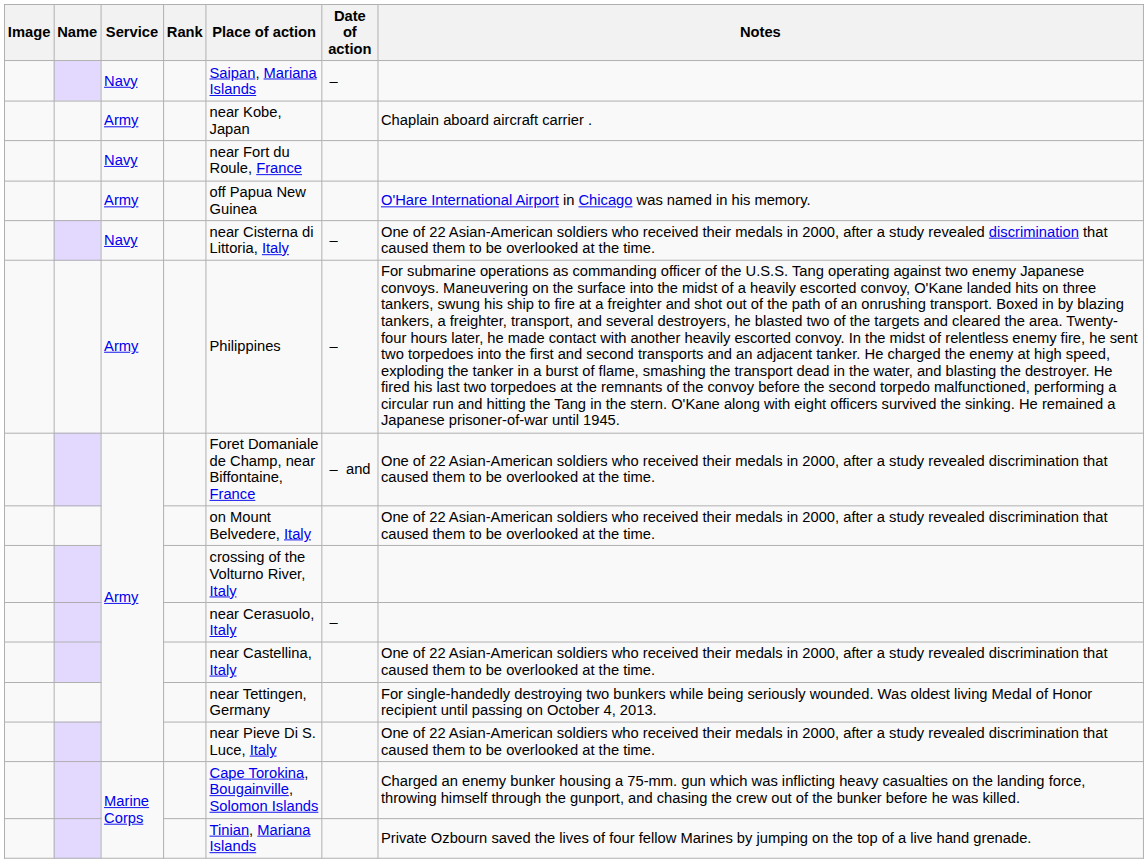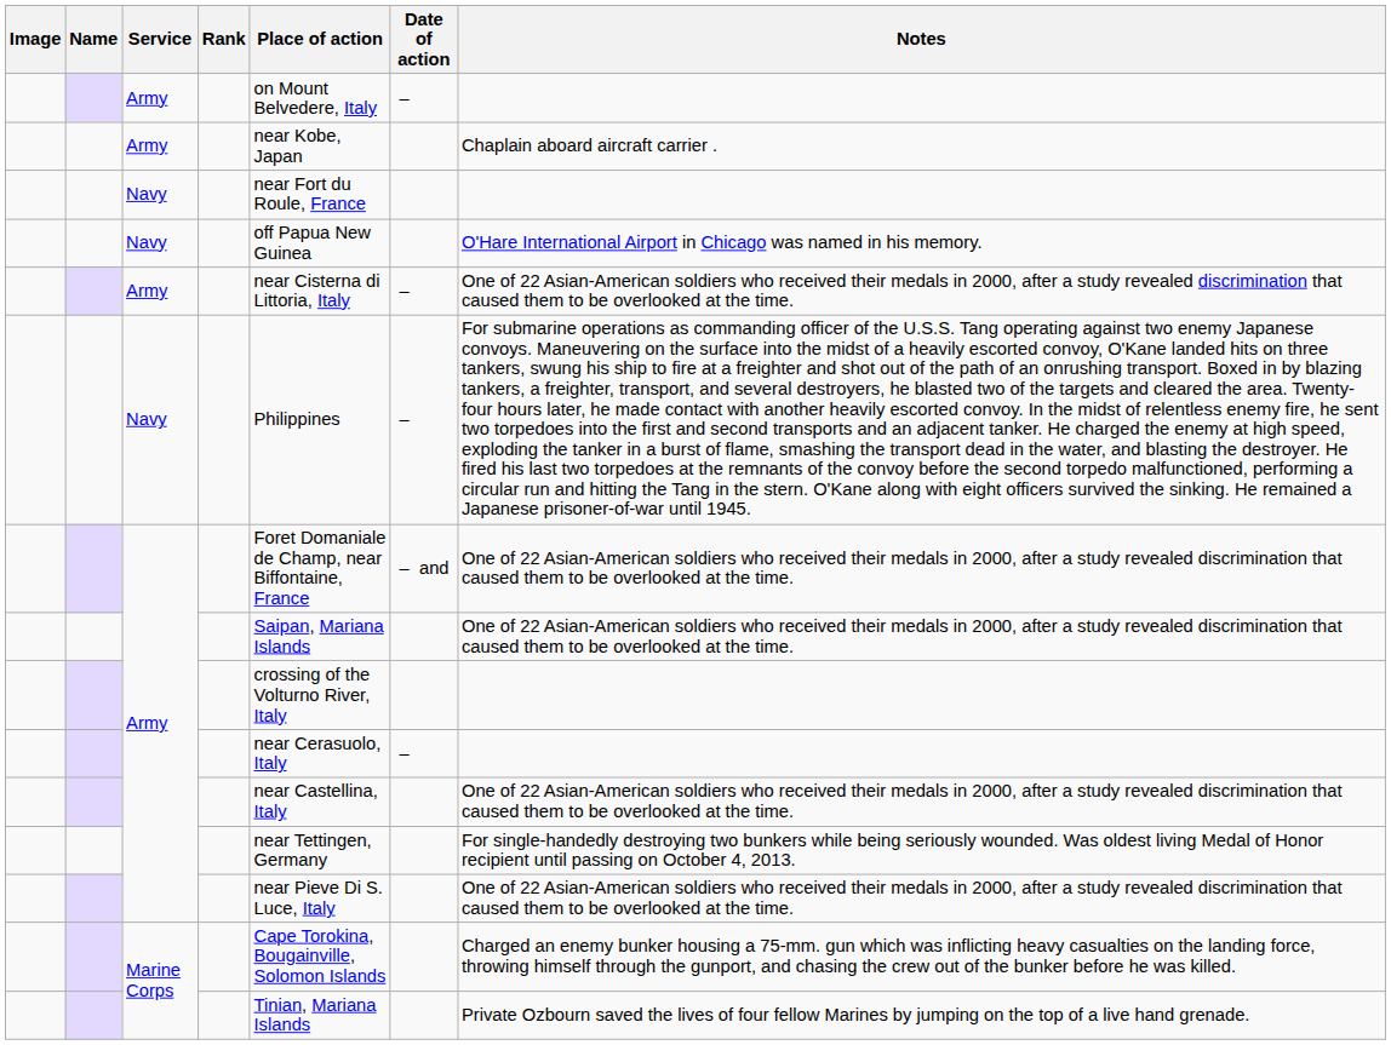 <table class="wikitable sortable" width="98%">
 <tr>
 <th class="unsortable">Image</th>
 <th>Name</th>
 <th>Service</th>
 <th>Rank</th>
 <th>Place of action</th>
 <th>Date of action</th>
 <th class="unsortable">Notes</th>
 </tr>
 <tr>
 <td></td>
 <td style="background:#e3d9ff;"></td>
-<td><a href='#'>Navy</a></td>
+<td><a href='#'>Army</a></td>
 <td></td>
-<td><a href='#'>Saipan</a>, <a href='#'>Mariana Islands</a></td>
+<td>on Mount Belvedere, <a href='#'>Italy</a></td>
 <td> – </td>
 <td></td>
 </tr>
 <tr>
 <td></td>
 <td></td>
 <td><a href='#'>Army</a></td>
 <td></td>
 <td>near Kobe, Japan</td>
 <td></td>
 <td>Chaplain aboard aircraft carrier .</td>
 </tr>
 <tr>
 <td></td>
 <td></td>
 <td><a href='#'>Navy</a></td>
 <td></td>
 <td>near Fort du Roule, <a href='#'>France</a></td>
 <td></td>
 <td></td>
 </tr>
 <tr>
 <td></td>
 <td></td>
-<td><a href='#'>Army</a></td>
+<td><a href='#'>Navy</a></td>
 <td></td>
 <td>off Papua New Guinea</td>
 <td></td>
 <td><a href='#'>O'Hare International Airport</a> in <a href='#'>Chicago</a> was named in his memory.</td>
 </tr>
 <tr>
 <td></td>
 <td style="background:#e3d9ff;"></td>
-<td><a href='#'>Navy</a></td>
+<td><a href='#'>Army</a></td>
 <td></td>
 <td>near Cisterna di Littoria, <a href='#'>Italy</a></td>
 <td> – </td>
 <td>One of 22 Asian-American soldiers who received their medals in 2000, after a study revealed <a href='#'>discrimination</a> that caused them to be overlooked at the time.</td>
 </tr>
 <tr>
 <td></td>
 <td></td>
-<td><a href='#'>Army</a></td>
+<td><a href='#'>Navy</a></td>
 <td></td>
 <td>Philippines</td>
 <td> – </td>
 <td>For submarine operations as commanding officer of the U.S.S. Tang operating against two enemy Japanese convoys. Maneuvering on the surface into the midst of a heavily escorted convoy, O'Kane landed hits on three tankers, swung his ship to fire at a freighter and shot out of the path of an onrushing transport. Boxed in by blazing tankers, a freighter, transport, and several destroyers, he blasted two of the targets and cleared the area. Twenty-four hours later, he made contact with another heavily escorted convoy. In the midst of relentless enemy fire, he sent two torpedoes into the first and second transports and an adjacent tanker. He charged the enemy at high speed, exploding the tanker in a burst of flame, smashing the transport dead in the water, and blasting the destroyer. He fired his last two torpedoes at the remnants of the convoy before the second torpedo malfunctioned, performing a circular run and hitting the Tang in the stern. O'Kane along with eight officers survived the sinking. He remained a Japanese prisoner-of-war until 1945.</td>
 </tr>
 <tr>
 <td></td>
 <td style="background:#e3d9ff;"></td>
 <td rowspan="7"><a href='#'>Army</a></td>
 <td></td>
 <td>Foret Domaniale de Champ, near Biffontaine, <a href='#'>France</a></td>
 <td> –  and </td>
 <td>One of 22 Asian-American soldiers who received their medals in 2000, after a study revealed discrimination that caused them to be overlooked at the time.</td>
 </tr>
 <tr>
 <td></td>
 <td></td>
 <td></td>
-<td>on Mount Belvedere, <a href='#'>Italy</a></td>
+<td><a href='#'>Saipan</a>, <a href='#'>Mariana Islands</a></td>
 <td></td>
 <td>One of 22 Asian-American soldiers who received their medals in 2000, after a study revealed discrimination that caused them to be overlooked at the time.</td>
 </tr>
 <tr>
 <td></td>
 <td style="background:#e3d9ff;"></td>
 <td></td>
 <td>crossing of the Volturno River, <a href='#'>Italy</a></td>
 <td></td>
 <td></td>
 </tr>
 <tr>
 <td></td>
 <td style="background:#e3d9ff;"></td>
 <td></td>
 <td>near Cerasuolo, <a href='#'>Italy</a></td>
 <td> – </td>
 <td></td>
 </tr>
 <tr>
 <td></td>
 <td style="background:#e3d9ff;"></td>
 <td></td>
 <td>near Castellina, <a href='#'>Italy</a></td>
 <td></td>
 <td>One of 22 Asian-American soldiers who received their medals in 2000, after a study revealed discrimination that caused them to be overlooked at the time.</td>
 </tr>
 <tr>
 <td></td>
 <td></td>
 <td></td>
 <td>near Tettingen, Germany</td>
 <td></td>
 <td>For single-handedly destroying two bunkers while being seriously wounded. Was oldest living Medal of Honor recipient until passing on October 4, 2013.</td>
 </tr>
 <tr>
 <td></td>
 <td style="background:#e3d9ff;"></td>
 <td></td>
 <td>near Pieve Di S. Luce, <a href='#'>Italy</a></td>
 <td></td>
 <td>One of 22 Asian-American soldiers who received their medals in 2000, after a study revealed discrimination that caused them to be overlooked at the time.</td>
 </tr>
 <tr>
 <td></td>
 <td style="background:#e3d9ff;"></td>
 <td rowspan="2"><a href='#'>Marine Corps</a></td>
 <td></td>
 <td><a href='#'>Cape Torokina</a>, <a href='#'>Bougainville</a>, <a href='#'>Solomon Islands</a></td>
 <td></td>
 <td>Charged an enemy bunker housing a 75-mm. gun which was inflicting heavy casualties on the landing force, throwing himself through the gunport, and chasing the crew out of the bunker before he was killed.</td>
 </tr>
 <tr>
 <td></td>
 <td style="background:#e3d9ff;"></td>
 <td></td>
 <td><a href='#'>Tinian</a>, <a href='#'>Mariana Islands</a></td>
 <td></td>
 <td>Private Ozbourn saved the lives of four fellow Marines by jumping on the top of a live hand grenade.</td>
 </tr>
 </table>
